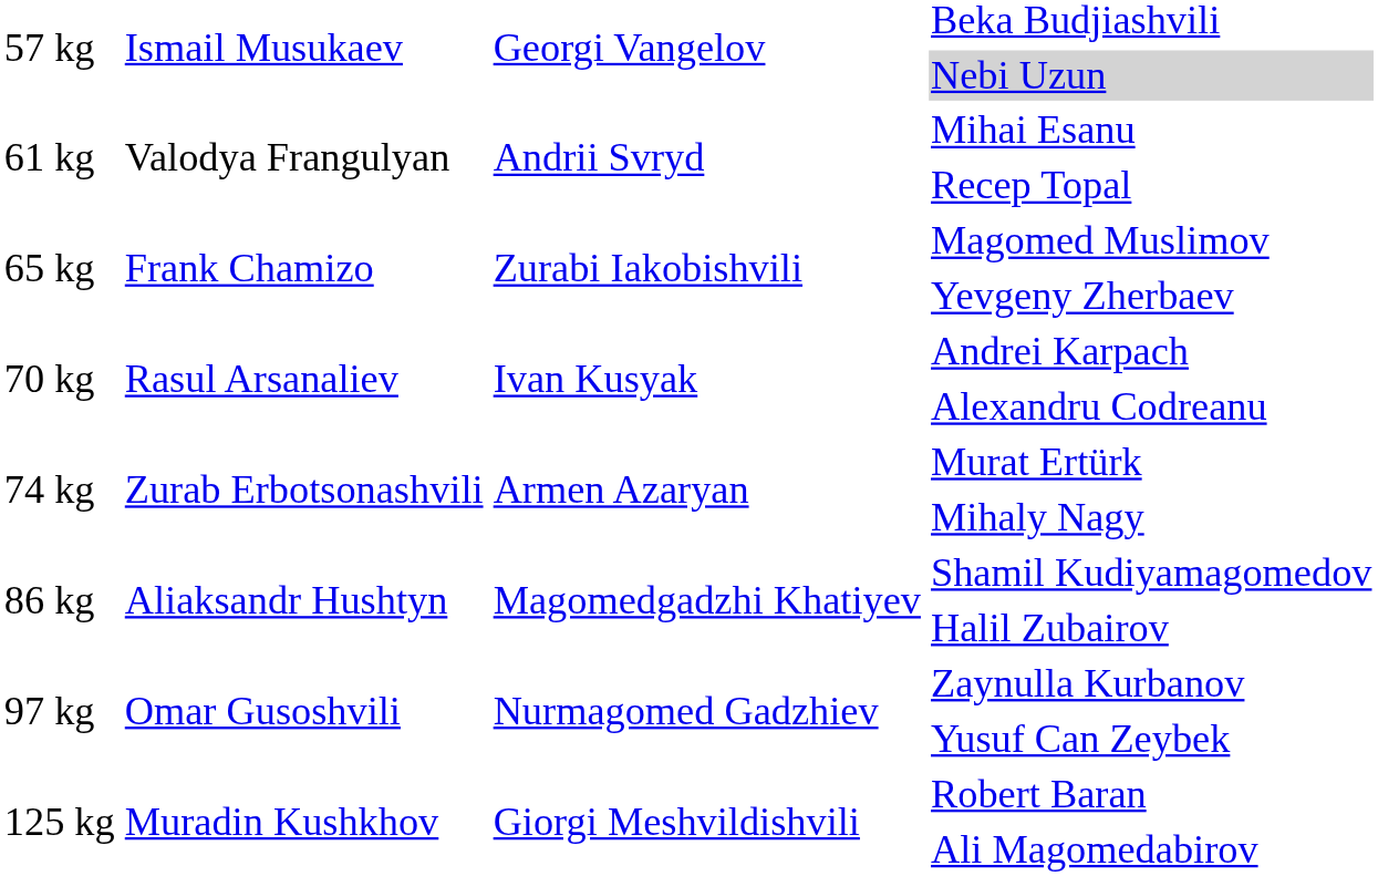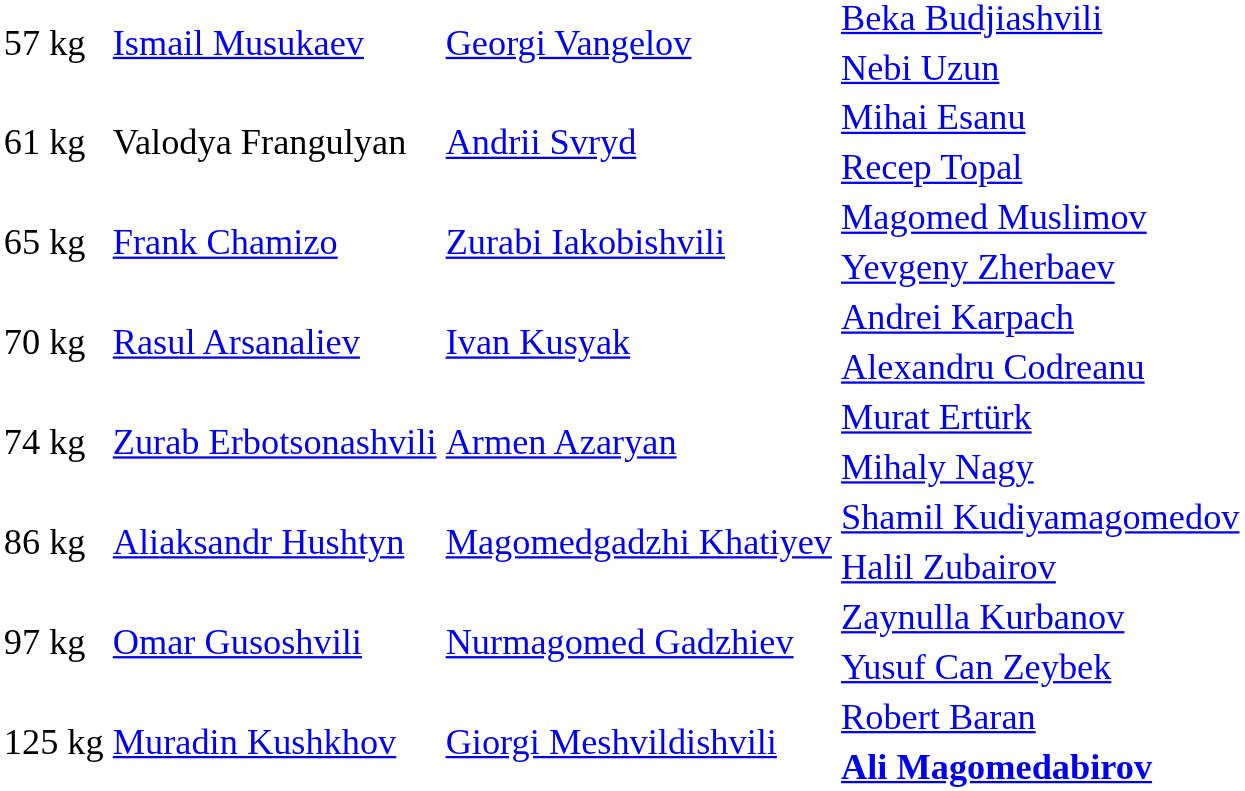 <table>
 <tr>
 <td rowspan=2>57 kg</td>
 <td rowspan=2> <a href='#'>Ismail Musukaev</a></td>
 <td rowspan=2> <a href='#'>Georgi Vangelov</a></td>
 <td> <a href='#'>Beka Budjiashvili</a></td>
 </tr>
 <tr>
-<td style="background: lightgrey;"> <a href='#'>Nebi Uzun</a></td>
+<td> <a href='#'>Nebi Uzun</a></td>
 </tr>
 <tr>
 <td rowspan=2>61 kg</td>
 <td rowspan=2> Valodya Frangulyan</td>
 <td rowspan=2> <a href='#'>Andrii Svryd</a></td>
 <td> <a href='#'>Mihai Esanu</a></td>
 </tr>
 <tr>
 <td> <a href='#'>Recep Topal</a></td>
 </tr>
 <tr>
 <td rowspan=2>65 kg</td>
 <td rowspan=2> <a href='#'>Frank Chamizo</a></td>
 <td rowspan=2> <a href='#'>Zurabi Iakobishvili</a></td>
 <td> <a href='#'>Magomed Muslimov</a></td>
 </tr>
 <tr>
 <td> <a href='#'>Yevgeny Zherbaev</a></td>
 </tr>
 <tr>
 <td rowspan=2>70 kg</td>
 <td rowspan=2> <a href='#'>Rasul Arsanaliev</a></td>
 <td rowspan=2> <a href='#'>Ivan Kusyak</a></td>
 <td> <a href='#'>Andrei Karpach</a></td>
 </tr>
 <tr>
 <td> <a href='#'>Alexandru Codreanu</a></td>
 </tr>
 <tr>
 <td rowspan=2>74 kg</td>
 <td rowspan=2> <a href='#'>Zurab Erbotsonashvili</a></td>
 <td rowspan=2> <a href='#'>Armen Azaryan</a></td>
 <td> <a href='#'>Murat Ertürk</a></td>
 </tr>
 <tr>
 <td> <a href='#'>Mihaly Nagy</a></td>
 </tr>
 <tr>
 <td rowspan=2>86 kg</td>
 <td rowspan=2> <a href='#'>Aliaksandr Hushtyn</a></td>
 <td rowspan=2> <a href='#'>Magomedgadzhi Khatiyev</a></td>
 <td> <a href='#'>Shamil Kudiyamagomedov</a></td>
 </tr>
 <tr>
 <td> <a href='#'>Halil Zubairov</a></td>
 </tr>
 <tr>
 <td rowspan=2>97 kg</td>
 <td rowspan=2> <a href='#'>Omar Gusoshvili</a></td>
 <td rowspan=2> <a href='#'>Nurmagomed Gadzhiev</a></td>
 <td> <a href='#'>Zaynulla Kurbanov</a></td>
 </tr>
 <tr>
 <td> <a href='#'>Yusuf Can Zeybek</a></td>
 </tr>
 <tr>
 <td rowspan=2>125 kg</td>
 <td rowspan=2> <a href='#'>Muradin Kushkhov</a></td>
 <td rowspan=2> <a href='#'>Giorgi Meshvildishvili</a></td>
 <td> <a href='#'>Robert Baran</a></td>
 </tr>
 <tr>
-<td> <a href='#'>Ali Magomedabirov</a></td>
+<td><strong> <a href='#'>Ali Magomedabirov</a></strong></td>
 </tr>
 </table>
